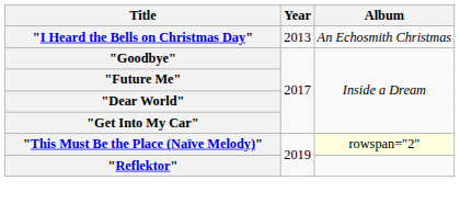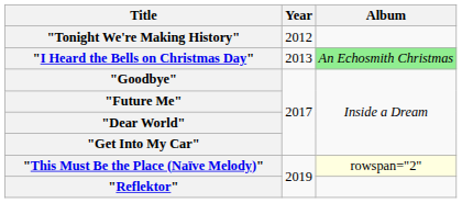 <table class="wikitable plainrowheaders" style="text-align:center;" border="1">
 <tr>
 <th scope="col" style="width:20em;">Title</th>
 <th scope="col" style="width:1em;">Year</th>
 <th scope="col">Album</th>
 </tr>
 <tr>
+<th scope="row">"Tonight We're Making History"</th>
+<td>2012</td>
+<td></td>
+</tr>
+<tr>
 <th scope="row">"<a href='#'>I Heard the Bells on Christmas Day</a>"</th>
 <td>2013</td>
-<td><em>An Echosmith Christmas</em></td>
+<td style="background: lightgreen;"><em>An Echosmith Christmas</em></td>
 </tr>
 <tr>
 <th scope="row">"Goodbye"</th>
 <td rowspan="4">2017</td>
 <td rowspan="4"><em>Inside a Dream</em></td>
 </tr>
 <tr>
 <th scope="row">"Future Me"</th>
 </tr>
 <tr>
 <th scope="row">"Dear World"</th>
 </tr>
 <tr>
 <th scope="row">"Get Into My Car"</th>
 </tr>
 <tr>
 <th scope="row">"<a href='#'>This Must Be the Place (Naïve Melody)</a>"</th>
 <td rowspan="2">2019</td>
 <td style="background: lightyellow;">rowspan="2" </td>
 </tr>
 <tr>
 <th scope="row">"<a href='#'>Reflektor</a>"</th>
 </tr>
 </table>
